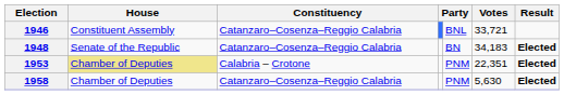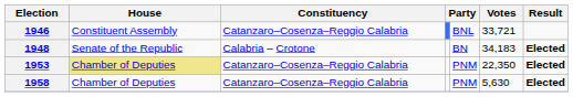 <table class=wikitable style="width:65%; border:1px #AAAAFF solid">
 <tr>
 <th width=12%>Election</th>
 <th width=30%>House</th>
 <th width=45%>Constituency</th>
 <th width=5% colspan="2">Party</th>
 <th width=12%>Votes</th>
 <th width=12%>Result</th>
 </tr>
 <tr>
 <th><a href='#'>1946</a></th>
 <td><a href='#'>Constituent Assembly</a></td>
 <td><a href='#'>Catanzaro–Cosenza–Reggio Calabria</a></td>
 <td bgcolor="#306EFF"></td>
 <td><a href='#'>BNL</a></td>
 <td>33,721</td>
 <td></td>
 </tr>
 <tr>
 <th><a href='#'>1948</a></th>
 <td><a href='#'>Senate of the Republic</a></td>
-<td><a href='#'>Catanzaro–Cosenza–Reggio Calabria</a></td>
+<td><a href='#'>Calabria</a> – <a href='#'>Crotone</a></td>
 <td></td>
 <td><a href='#'>BN</a></td>
 <td>34,183</td>
 <td> <strong>Elected</strong></td>
 </tr>
 <tr>
 <th><a href='#'>1953</a></th>
 <td style="background: khaki;"><a href='#'>Chamber of Deputies</a></td>
-<td><a href='#'>Calabria</a> – <a href='#'>Crotone</a></td>
+<td><a href='#'>Catanzaro–Cosenza–Reggio Calabria</a></td>
 <td></td>
 <td><a href='#'>PNM</a></td>
-<td>22,351</td>
+<td>22,350</td>
 <td> <strong>Elected</strong></td>
 </tr>
 <tr>
 <th><a href='#'>1958</a></th>
 <td><a href='#'>Chamber of Deputies</a></td>
 <td><a href='#'>Catanzaro–Cosenza–Reggio Calabria</a></td>
 <td></td>
 <td><a href='#'>PNM</a></td>
 <td>5,630</td>
 <td> <strong>Elected</strong></td>
 </tr>
 <tr>
 </tr>
 </table>
